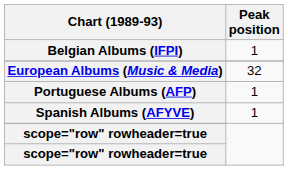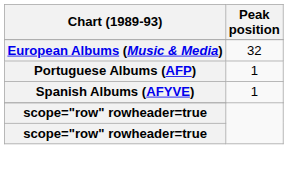 <table class="wikitable sortable plainrowheaders" style="text-align:center">
 <tr>
 <th scope="col">Chart (1989-93)</th>
 <th scope="col">Peak<br>position</th>
-</tr>
-<tr>
-<th scope="row">Belgian Albums (<a href='#'>IFPI</a>)</th>
-<td>1</td>
 </tr>
 <tr>
 </tr>
 <tr>
 <th scope="row"><a href='#'>European Albums</a> (<em><a href='#'>Music & Media</a></em>)</th>
 <td>32</td>
 </tr>
 <tr>
 <th scope="row">Portuguese Albums (<a href='#'>AFP</a>)</th>
 <td>1</td>
 </tr>
 <tr>
 <th scope="row">Spanish Albums (<a href='#'>AFYVE</a>)</th>
 <td>1</td>
 </tr>
 <tr>
 </tr>
 <tr>
 <th>scope="row" rowheader=true</th>
 </tr>
 <tr>
 <th>scope="row" rowheader=true</th>
 </tr>
 </table>
